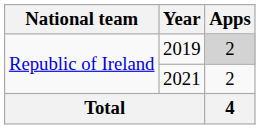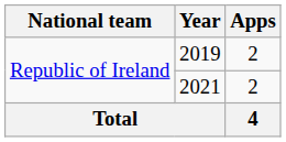 <table class="sortable wikitable" style="text-align:center">
 <tr>
 <th scope="col">National team</th>
 <th scope="col">Year</th>
 <th !scope="col">Apps</th>
 </tr>
 <tr>
 <td rowspan="2"><a href='#'>Republic of Ireland</a></td>
 <td scope="row">2019</td>
-<td style="background: lightgrey;">2</td>
+<td>2</td>
 </tr>
 <tr>
 <td scope="row">2021</td>
 <td>2</td>
 </tr>
 <tr>
 <th colspan="2">Total</th>
 <th>4</th>
 </tr>
 </table>
